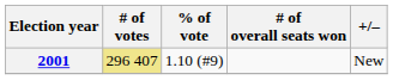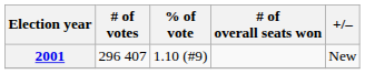 <table class=wikitable>
 <tr>
 <th>Election year</th>
 <th># of<br>votes</th>
 <th>% of<br>vote</th>
 <th># of<br>overall seats won</th>
 <th>+/–</th>
 </tr>
 <tr>
 <th><a href='#'>2001</a></th>
-<td style="background: khaki;">296 407</td>
+<td>296 407</td>
 <td>1.10 (#9)</td>
 <td></td>
 <td>New</td>
 </tr>
 <tr>
 </tr>
 </table>
